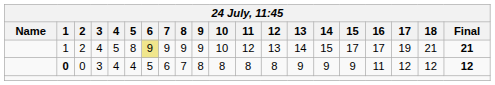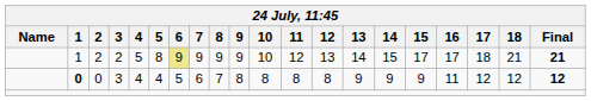 <table class=wikitable style="text-align:center; width: 55%">
 <tr>
 <th colspan=20><em>24 July, 11:45</em></th>
 </tr>
 <tr>
 <th>Name</th>
 <th>1</th>
 <th>2</th>
 <th>3</th>
 <th>4</th>
 <th>5</th>
 <th>6</th>
 <th>7</th>
 <th>8</th>
 <th>9</th>
 <th>10</th>
 <th>11</th>
 <th>12</th>
 <th>13</th>
 <th>14</th>
 <th>15</th>
 <th>16</th>
 <th>17</th>
 <th>18</th>
 <th>Final</th>
 </tr>
 <tr>
 <td align=left><strong></strong></td>
 <td>1</td>
 <td>2</td>
-<td>4</td>
+<td>2</td>
 <td>5</td>
 <td>8</td>
 <td style="background: khaki;">9</td>
 <td>9</td>
 <td>9</td>
 <td>9</td>
 <td>10</td>
 <td>12</td>
 <td>13</td>
 <td>14</td>
 <td>15</td>
 <td>17</td>
 <td>17</td>
-<td>19</td>
+<td>18</td>
 <td>21</td>
 <td><strong>21</strong></td>
 </tr>
 <tr>
 <td align=left></td>
 <td><strong>0</strong></td>
 <td>0</td>
 <td>3</td>
 <td>4</td>
 <td>4</td>
 <td>5</td>
 <td>6</td>
 <td>7</td>
 <td>8</td>
 <td>8</td>
 <td>8</td>
 <td>8</td>
 <td>9</td>
 <td>9</td>
 <td>9</td>
 <td>11</td>
 <td>12</td>
 <td>12</td>
 <td><strong>12</strong></td>
 </tr>
 <tr>
 <td colspan=20></td>
 </tr>
 </table>
